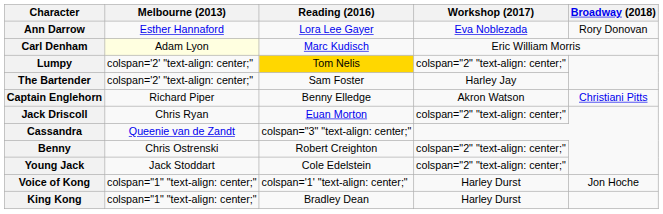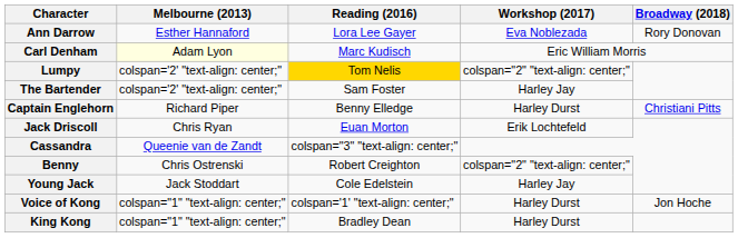 <table class="wikitable" style="width:1000;">
 <tr>
 <th>Character</th>
 <th>Melbourne (2013)</th>
 <th>Reading (2016)</th>
 <th>Workshop (2017)</th>
 <th><a href='#'>Broadway</a> (2018)</th>
 </tr>
 <tr>
 <th>Ann Darrow</th>
 <td colspan="1" align="center"><a href='#'>Esther Hannaford</a></td>
 <td colspan="1" align="center"><a href='#'>Lora Lee Gayer</a></td>
 <td colspan="1" align="center"><a href='#'>Eva Noblezada</a></td>
 <td align="center">Rory Donovan</td>
 </tr>
 <tr>
 <th>Carl Denham</th>
 <td colspan="1" align="center" style="background: lightyellow;">Adam Lyon</td>
 <td colspan="1" align="center"><a href='#'>Marc Kudisch</a></td>
 <td colspan="2" align="center">Eric William Morris</td>
 </tr>
 <tr>
 <th>Lumpy</th>
 <td>colspan='2' "text-align: center;" </td>
 <td colspan="1" align="center" style="background: gold;">Tom Nelis</td>
 <td>colspan="2" "text-align: center;" </td>
 </tr>
 <tr>
 <th>The Bartender</th>
 <td>colspan='2' "text-align: center;" </td>
 <td colspan="1" align="center">Sam Foster</td>
 <td align="center">Harley Jay</td>
 </tr>
 <tr>
 <th>Captain Englehorn</th>
 <td colspan="1" align="center">Richard Piper</td>
 <td colspan="1" align="center">Benny Elledge</td>
-<td align="center">Akron Watson</td>
+<td align="center">Harley Durst</td>
 <td colspan="1" align="center"><a href='#'>Christiani Pitts</a></td>
 </tr>
 <tr>
 <th>Jack Driscoll</th>
 <td colspan="1" align="center">Chris Ryan</td>
 <td colspan="1" align="center"><a href='#'>Euan Morton</a></td>
-<td>colspan="2" "text-align: center;" </td>
+<td colspan="1" align="center">Erik Lochtefeld</td>
 </tr>
 <tr>
 <th>Cassandra</th>
 <td colspan="1" align="center"><a href='#'>Queenie van de Zandt</a></td>
 <td>colspan="3" "text-align: center;" </td>
 </tr>
 <tr>
 <th>Benny</th>
 <td colspan="1" align="center">Chris Ostrenski</td>
 <td colspan="1" align="center">Robert Creighton</td>
 <td>colspan="2" "text-align: center;" </td>
 </tr>
 <tr>
 <th>Young Jack</th>
 <td colspan="1" align="center">Jack Stoddart</td>
 <td colspan="1" align="center">Cole Edelstein</td>
-<td>colspan="2" "text-align: center;" </td>
+<td align="center">Harley Jay</td>
 </tr>
 <tr>
 <th>Voice of Kong</th>
 <td>colspan="1" "text-align: center;" </td>
 <td>colspan='1' "text-align: center;" </td>
 <td align="center">Harley Durst</td>
 <td align="center">Jon Hoche</td>
 </tr>
 <tr>
 <th>King Kong</th>
 <td>colspan="1" "text-align: center;" </td>
 <td align="center">Bradley Dean</td>
 <td align="center">Harley Durst</td>
 </tr>
 </table>
